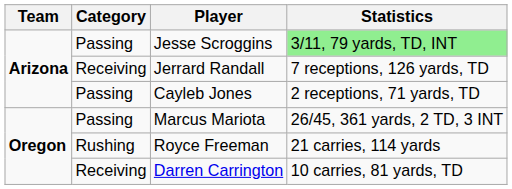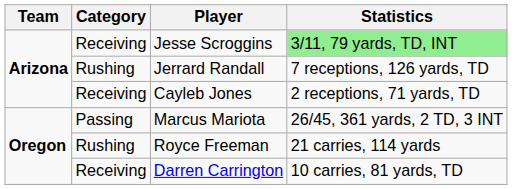 <table class="wikitable" style="float: right;">
 <tr>
 <th>Team</th>
 <th>Category</th>
 <th>Player</th>
 <th>Statistics</th>
 </tr>
 <tr>
 <td rowspan=3><strong>Arizona</strong></td>
-<td>Passing</td>
+<td>Receiving</td>
 <td>Jesse Scroggins</td>
 <td style="background: lightgreen;">3/11, 79 yards, TD, INT</td>
 </tr>
 <tr>
-<td>Receiving</td>
+<td>Rushing</td>
 <td>Jerrard Randall</td>
 <td>7 receptions, 126 yards, TD</td>
 </tr>
 <tr>
-<td>Passing</td>
+<td>Receiving</td>
 <td>Cayleb Jones</td>
 <td>2 receptions, 71 yards, TD</td>
 </tr>
 <tr>
 <td rowspan=3><strong>Oregon</strong></td>
 <td>Passing</td>
 <td>Marcus Mariota</td>
 <td>26/45, 361 yards, 2 TD, 3 INT</td>
 </tr>
 <tr>
 <td>Rushing</td>
 <td>Royce Freeman</td>
 <td>21 carries, 114 yards</td>
 </tr>
 <tr>
 <td>Receiving</td>
 <td><a href='#'>Darren Carrington</a></td>
 <td>10 carries, 81 yards, TD</td>
 </tr>
 </table>
